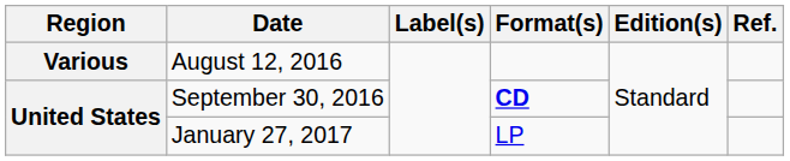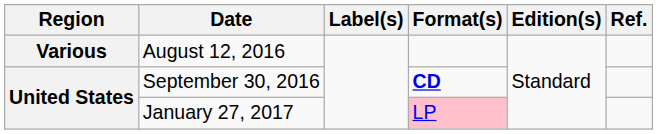 <table class="wikitable plainrowheaders">
 <tr>
 <th scope="col">Region</th>
 <th scope="col">Date</th>
 <th scope="col">Label(s)</th>
 <th scope="col">Format(s)</th>
 <th scope="col">Edition(s)</th>
 <th scope="col">Ref.</th>
 </tr>
 <tr>
 <th scope="row">Various</th>
 <td>August 12, 2016</td>
 <td rowspan="3"></td>
 <td></td>
 <td rowspan="4">Standard</td>
 <td style="text-align: center"></td>
 </tr>
 <tr>
 <th scope="row" rowspan="2">United States</th>
 <td>September 30, 2016</td>
 <td><strong><a href='#'>CD</a></strong></td>
 <td style="text-align: center"></td>
 </tr>
 <tr>
 <td>January 27, 2017</td>
-<td><a href='#'>LP</a></td>
+<td style="background: pink;"><a href='#'>LP</a></td>
 <td style="text-align: center"></td>
 </tr>
 </table>
